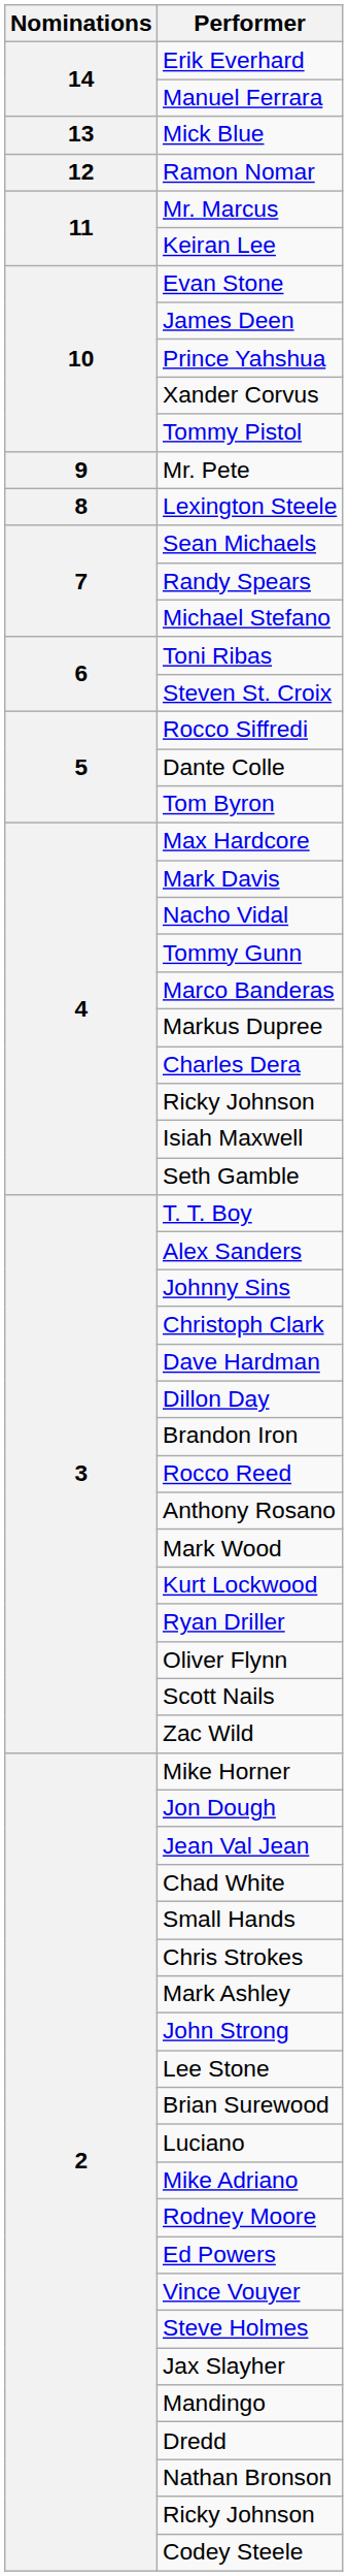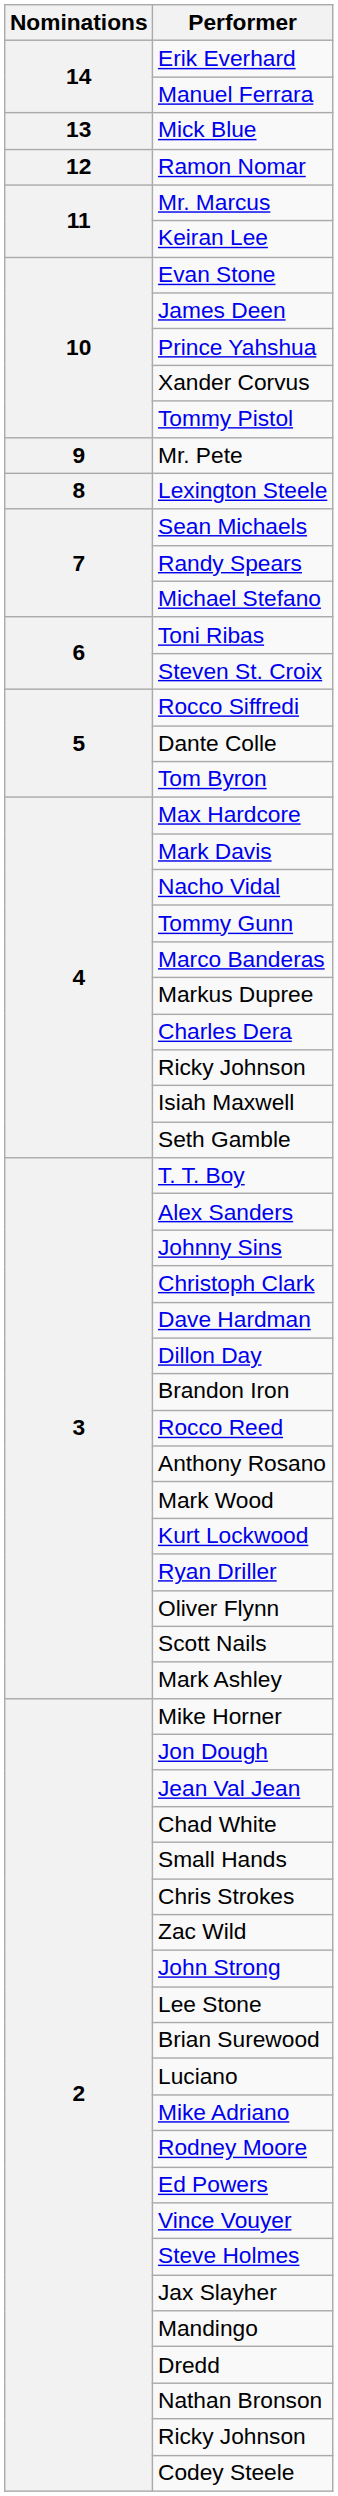 <table class="wikitable sortable">
 <tr>
 <th>Nominations</th>
 <th>Performer</th>
 </tr>
 <tr>
 <th rowspan="2">14</th>
 <td><a href='#'>Erik Everhard</a></td>
 </tr>
 <tr>
 <td><a href='#'>Manuel Ferrara</a></td>
 </tr>
 <tr>
 <th>13</th>
 <td><a href='#'>Mick Blue</a></td>
 </tr>
 <tr>
 <th>12</th>
 <td><a href='#'>Ramon Nomar</a></td>
 </tr>
 <tr>
 <th rowspan="2">11</th>
 <td><a href='#'>Mr. Marcus</a></td>
 </tr>
 <tr>
 <td><a href='#'>Keiran Lee</a></td>
 </tr>
 <tr>
 <th rowspan="5">10</th>
 <td><a href='#'>Evan Stone</a></td>
 </tr>
 <tr>
 <td><a href='#'>James Deen</a></td>
 </tr>
 <tr>
 <td><a href='#'>Prince Yahshua</a></td>
 </tr>
 <tr>
 <td>Xander Corvus</td>
 </tr>
 <tr>
 <td><a href='#'>Tommy Pistol</a></td>
 </tr>
 <tr>
 <th>9</th>
 <td>Mr. Pete</td>
 </tr>
 <tr>
 <th>8</th>
 <td><a href='#'>Lexington Steele</a></td>
 </tr>
 <tr>
 <th rowspan="3">7</th>
 <td><a href='#'>Sean Michaels</a></td>
 </tr>
 <tr>
 <td><a href='#'>Randy Spears</a></td>
 </tr>
 <tr>
 <td><a href='#'>Michael Stefano</a></td>
 </tr>
 <tr>
 <th rowspan="2">6</th>
 <td><a href='#'>Toni Ribas</a></td>
 </tr>
 <tr>
 <td><a href='#'>Steven St. Croix</a></td>
 </tr>
 <tr>
 <th rowspan="3">5</th>
 <td><a href='#'>Rocco Siffredi</a></td>
 </tr>
 <tr>
 <td>Dante Colle</td>
 </tr>
 <tr>
 <td><a href='#'>Tom Byron</a></td>
 </tr>
 <tr>
 <th rowspan="10">4</th>
 <td><a href='#'>Max Hardcore</a></td>
 </tr>
 <tr>
 <td><a href='#'>Mark Davis</a></td>
 </tr>
 <tr>
 <td><a href='#'>Nacho Vidal</a></td>
 </tr>
 <tr>
 <td><a href='#'>Tommy Gunn</a></td>
 </tr>
 <tr>
 <td><a href='#'>Marco Banderas</a></td>
 </tr>
 <tr>
 <td>Markus Dupree</td>
 </tr>
 <tr>
 <td><a href='#'>Charles Dera</a></td>
 </tr>
 <tr>
 <td>Ricky Johnson</td>
 </tr>
 <tr>
 <td>Isiah Maxwell</td>
 </tr>
 <tr>
 <td>Seth Gamble</td>
 </tr>
 <tr>
 <th rowspan="15">3</th>
 <td><a href='#'>T. T. Boy</a></td>
 </tr>
 <tr>
 <td><a href='#'>Alex Sanders</a></td>
 </tr>
 <tr>
 <td><a href='#'>Johnny Sins</a></td>
 </tr>
 <tr>
 <td><a href='#'>Christoph Clark</a></td>
 </tr>
 <tr>
 <td><a href='#'>Dave Hardman</a></td>
 </tr>
 <tr>
 <td><a href='#'>Dillon Day</a></td>
 </tr>
 <tr>
 <td>Brandon Iron</td>
 </tr>
 <tr>
 <td><a href='#'>Rocco Reed</a></td>
 </tr>
 <tr>
 <td>Anthony Rosano</td>
 </tr>
 <tr>
 <td>Mark Wood</td>
 </tr>
 <tr>
 <td><a href='#'>Kurt Lockwood</a></td>
 </tr>
 <tr>
 <td><a href='#'>Ryan Driller</a></td>
 </tr>
 <tr>
 <td>Oliver Flynn</td>
 </tr>
 <tr>
 <td>Scott Nails</td>
 </tr>
 <tr>
-<td>Zac Wild</td>
+<td>Mark Ashley</td>
 </tr>
 <tr>
 <th rowspan="22">2</th>
 <td>Mike Horner</td>
 </tr>
 <tr>
 <td><a href='#'>Jon Dough</a></td>
 </tr>
 <tr>
 <td><a href='#'>Jean Val Jean</a></td>
 </tr>
 <tr>
 <td>Chad White</td>
 </tr>
 <tr>
 <td>Small Hands</td>
 </tr>
 <tr>
 <td>Chris Strokes</td>
 </tr>
 <tr>
-<td>Mark Ashley</td>
+<td>Zac Wild</td>
 </tr>
 <tr>
 <td><a href='#'>John Strong</a></td>
 </tr>
 <tr>
 <td>Lee Stone</td>
 </tr>
 <tr>
 <td>Brian Surewood</td>
 </tr>
 <tr>
 <td>Luciano</td>
 </tr>
 <tr>
 <td><a href='#'>Mike Adriano</a></td>
 </tr>
 <tr>
 <td><a href='#'>Rodney Moore</a></td>
 </tr>
 <tr>
 <td><a href='#'>Ed Powers</a></td>
 </tr>
 <tr>
 <td><a href='#'>Vince Vouyer</a></td>
 </tr>
 <tr>
 <td><a href='#'>Steve Holmes</a></td>
 </tr>
 <tr>
 <td>Jax Slayher</td>
 </tr>
 <tr>
 <td>Mandingo</td>
 </tr>
 <tr>
 <td>Dredd</td>
 </tr>
 <tr>
 <td>Nathan Bronson</td>
 </tr>
 <tr>
 <td>Ricky Johnson</td>
 </tr>
 <tr>
 <td>Codey Steele</td>
 </tr>
 </table>
